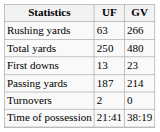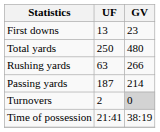 <table class="wikitable" style="float: left;">
 <tr>
 <th>Statistics</th>
 <th>UF</th>
 <th>GV</th>
 </tr>
 <tr>
-<td>Rushing yards</td>
-<td>63</td>
-<td>266</td>
+<td>First downs</td>
+<td>13</td>
+<td>23</td>
 </tr>
 <tr>
 <td>Total yards</td>
 <td>250</td>
 <td>480</td>
 </tr>
 <tr>
-<td>First downs</td>
-<td>13</td>
-<td>23</td>
+<td>Rushing yards</td>
+<td>63</td>
+<td>266</td>
 </tr>
 <tr>
 <td>Passing yards</td>
 <td>187</td>
 <td>214</td>
 </tr>
 <tr>
 <td>Turnovers</td>
 <td>2</td>
-<td>0</td>
+<td style="background: lightgrey;">0</td>
 </tr>
 <tr>
 <td>Time of possession</td>
 <td>21:41</td>
 <td>38:19</td>
 </tr>
 <tr>
 </tr>
 </table>
